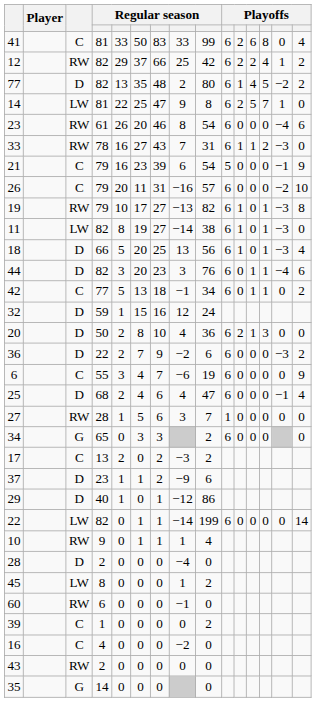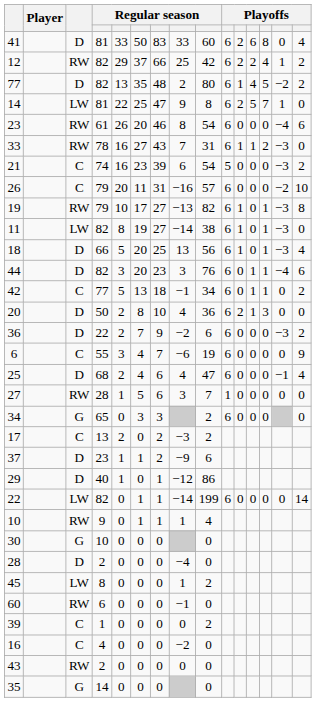 <table class="wikitable sortable plainrowheaders" style="text-align:center;">
 <tr>
 <th scope="col" data-sort-type="number" rowspan="2"></th>
 <th scope="col" rowspan="2">Player</th>
 <th scope="col" rowspan="2"></th>
 <th scope=colgroup colspan=6>Regular season</th>
 <th scope=colgroup colspan=6>Playoffs</th>
 </tr>
 <tr>
 <th scope="col" data-sort-type="number"></th>
 <th scope="col" data-sort-type="number"></th>
 <th scope="col" data-sort-type="number"></th>
 <th scope="col" data-sort-type="number"></th>
 <th scope="col" data-sort-type="number"></th>
 <th scope="col" data-sort-type="number"></th>
 <th scope="col" data-sort-type="number"></th>
 <th scope="col" data-sort-type="number"></th>
 <th scope="col" data-sort-type="number"></th>
 <th scope="col" data-sort-type="number"></th>
 <th scope="col" data-sort-type="number"></th>
 <th scope="col" data-sort-type="number"></th>
 </tr>
 <tr>
 <td scope="row">41</td>
 <td align="left"></td>
-<td>C</td>
+<td>D</td>
 <td>81</td>
 <td>33</td>
 <td>50</td>
 <td>83</td>
 <td>33</td>
-<td>99</td>
+<td>60</td>
 <td>6</td>
 <td>2</td>
 <td>6</td>
 <td>8</td>
 <td>0</td>
 <td>4</td>
 </tr>
 <tr>
 <td scope="row">12</td>
 <td align="left"></td>
 <td>RW</td>
 <td>82</td>
 <td>29</td>
 <td>37</td>
 <td>66</td>
 <td>25</td>
 <td>42</td>
 <td>6</td>
 <td>2</td>
 <td>2</td>
 <td>4</td>
 <td>1</td>
 <td>2</td>
 </tr>
 <tr>
 <td scope="row">77</td>
 <td align="left"></td>
 <td>D</td>
 <td>82</td>
 <td>13</td>
 <td>35</td>
 <td>48</td>
 <td>2</td>
 <td>80</td>
 <td>6</td>
 <td>1</td>
 <td>4</td>
 <td>5</td>
 <td>−2</td>
 <td>2</td>
 </tr>
 <tr>
 <td scope="row">14</td>
 <td align="left"></td>
 <td>LW</td>
 <td>81</td>
 <td>22</td>
 <td>25</td>
 <td>47</td>
 <td>9</td>
 <td>8</td>
 <td>6</td>
 <td>2</td>
 <td>5</td>
 <td>7</td>
 <td>1</td>
 <td>0</td>
 </tr>
 <tr>
 <td scope="row">23</td>
 <td align="left"></td>
 <td>RW</td>
 <td>61</td>
 <td>26</td>
 <td>20</td>
 <td>46</td>
 <td>8</td>
 <td>54</td>
 <td>6</td>
 <td>0</td>
 <td>0</td>
 <td>0</td>
 <td>−4</td>
 <td>6</td>
 </tr>
 <tr>
 <td scope="row">33</td>
 <td align="left"></td>
 <td>RW</td>
 <td>78</td>
 <td>16</td>
 <td>27</td>
 <td>43</td>
 <td>7</td>
 <td>31</td>
 <td>6</td>
 <td>1</td>
 <td>1</td>
 <td>2</td>
 <td>−3</td>
 <td>0</td>
 </tr>
 <tr>
 <td scope="row">21</td>
 <td align="left"></td>
 <td>C</td>
-<td>79</td>
+<td>74</td>
 <td>16</td>
 <td>23</td>
 <td>39</td>
 <td>6</td>
 <td>54</td>
 <td>5</td>
 <td>0</td>
 <td>0</td>
 <td>0</td>
-<td>−1</td>
-<td>9</td>
+<td>−3</td>
+<td>2</td>
 </tr>
 <tr>
 <td scope="row">26</td>
 <td align="left"></td>
 <td>C</td>
 <td>79</td>
 <td>20</td>
 <td>11</td>
 <td>31</td>
 <td>−16</td>
 <td>57</td>
 <td>6</td>
 <td>0</td>
 <td>0</td>
 <td>0</td>
 <td>−2</td>
 <td>10</td>
 </tr>
 <tr>
 <td scope="row">19</td>
 <td align="left"></td>
 <td>RW</td>
 <td>79</td>
 <td>10</td>
 <td>17</td>
 <td>27</td>
 <td>−13</td>
 <td>82</td>
 <td>6</td>
 <td>1</td>
 <td>0</td>
 <td>1</td>
 <td>−3</td>
 <td>8</td>
 </tr>
 <tr>
 <td scope="row">11</td>
 <td align="left"></td>
 <td>LW</td>
 <td>82</td>
 <td>8</td>
 <td>19</td>
 <td>27</td>
 <td>−14</td>
 <td>38</td>
 <td>6</td>
 <td>1</td>
 <td>0</td>
 <td>1</td>
 <td>−3</td>
 <td>0</td>
 </tr>
 <tr>
 <td scope="row">18</td>
 <td align="left"></td>
 <td>D</td>
 <td>66</td>
 <td>5</td>
 <td>20</td>
 <td>25</td>
 <td>13</td>
 <td>56</td>
 <td>6</td>
 <td>1</td>
 <td>0</td>
 <td>1</td>
 <td>−3</td>
 <td>4</td>
 </tr>
 <tr>
 <td scope="row">44</td>
 <td align="left"></td>
 <td>D</td>
 <td>82</td>
 <td>3</td>
 <td>20</td>
 <td>23</td>
 <td>3</td>
 <td>76</td>
 <td>6</td>
 <td>0</td>
 <td>1</td>
 <td>1</td>
 <td>−4</td>
 <td>6</td>
 </tr>
 <tr>
 <td scope="row">42</td>
 <td align="left"></td>
 <td>C</td>
 <td>77</td>
 <td>5</td>
 <td>13</td>
 <td>18</td>
 <td>−1</td>
 <td>34</td>
 <td>6</td>
 <td>0</td>
 <td>1</td>
 <td>1</td>
 <td>0</td>
 <td>2</td>
-</tr>
-<tr>
-<td scope="row">32</td>
-<td align="left"></td>
-<td>D</td>
-<td>59</td>
-<td>1</td>
-<td>15</td>
-<td>16</td>
-<td>12</td>
-<td>24</td>
-<td></td>
-<td></td>
-<td></td>
-<td></td>
-<td></td>
-<td></td>
 </tr>
 <tr>
 <td scope="row">20</td>
 <td align="left"></td>
 <td>D</td>
 <td>50</td>
 <td>2</td>
 <td>8</td>
 <td>10</td>
 <td>4</td>
 <td>36</td>
 <td>6</td>
 <td>2</td>
 <td>1</td>
 <td>3</td>
 <td>0</td>
 <td>0</td>
 </tr>
 <tr>
 <td scope="row">36</td>
 <td align="left"></td>
 <td>D</td>
 <td>22</td>
 <td>2</td>
 <td>7</td>
 <td>9</td>
 <td>−2</td>
 <td>6</td>
 <td>6</td>
 <td>0</td>
 <td>0</td>
 <td>0</td>
 <td>−3</td>
 <td>2</td>
 </tr>
 <tr>
 <td scope="row">6</td>
 <td align="left"></td>
 <td>C</td>
 <td>55</td>
 <td>3</td>
 <td>4</td>
 <td>7</td>
 <td>−6</td>
 <td>19</td>
 <td>6</td>
 <td>0</td>
 <td>0</td>
 <td>0</td>
 <td>0</td>
 <td>9</td>
 </tr>
 <tr>
 <td scope="row">25</td>
 <td align="left"></td>
 <td>D</td>
 <td>68</td>
 <td>2</td>
 <td>4</td>
 <td>6</td>
 <td>4</td>
 <td>47</td>
 <td>6</td>
 <td>0</td>
 <td>0</td>
 <td>0</td>
 <td>−1</td>
 <td>4</td>
 </tr>
 <tr>
 <td scope="row">27</td>
 <td align="left"></td>
 <td>RW</td>
 <td>28</td>
 <td>1</td>
 <td>5</td>
 <td>6</td>
 <td>3</td>
 <td>7</td>
 <td>1</td>
 <td>0</td>
 <td>0</td>
 <td>0</td>
 <td>0</td>
 <td>0</td>
 </tr>
 <tr>
 <td scope="row">34</td>
 <td align="left"></td>
 <td>G</td>
 <td>65</td>
 <td>0</td>
 <td>3</td>
 <td>3</td>
 <td style="background:#ccc"></td>
 <td>2</td>
 <td>6</td>
 <td>0</td>
 <td>0</td>
 <td>0</td>
 <td style="background:#ccc"></td>
 <td>0</td>
 </tr>
 <tr>
 <td scope="row">17</td>
 <td align="left"></td>
 <td>C</td>
 <td>13</td>
 <td>2</td>
 <td>0</td>
 <td>2</td>
 <td>−3</td>
 <td>2</td>
 <td></td>
 <td></td>
 <td></td>
 <td></td>
 <td></td>
 <td></td>
 </tr>
 <tr>
 <td scope="row">37</td>
 <td align="left"></td>
 <td>D</td>
 <td>23</td>
 <td>1</td>
 <td>1</td>
 <td>2</td>
 <td>−9</td>
 <td>6</td>
 <td></td>
 <td></td>
 <td></td>
 <td></td>
 <td></td>
 <td></td>
 </tr>
 <tr>
 <td scope="row">29</td>
 <td align="left"></td>
 <td>D</td>
 <td>40</td>
 <td>1</td>
 <td>0</td>
 <td>1</td>
 <td>−12</td>
 <td>86</td>
 <td></td>
 <td></td>
 <td></td>
 <td></td>
 <td></td>
 <td></td>
 </tr>
 <tr>
 <td scope="row">22</td>
 <td align="left"></td>
 <td>LW</td>
 <td>82</td>
 <td>0</td>
 <td>1</td>
 <td>1</td>
 <td>−14</td>
 <td>199</td>
 <td>6</td>
 <td>0</td>
 <td>0</td>
 <td>0</td>
 <td>0</td>
 <td>14</td>
 </tr>
 <tr>
 <td scope="row">10</td>
 <td align="left"></td>
 <td>RW</td>
 <td>9</td>
 <td>0</td>
 <td>1</td>
 <td>1</td>
 <td>1</td>
 <td>4</td>
 <td></td>
 <td></td>
 <td></td>
 <td></td>
 <td></td>
 <td></td>
 </tr>
 <tr>
+<td scope="row">30</td>
+<td align="left"></td>
+<td>G</td>
+<td>10</td>
+<td>0</td>
+<td>0</td>
+<td>0</td>
+<td style="background:#ccc"></td>
+<td>0</td>
+<td></td>
+<td></td>
+<td></td>
+<td></td>
+<td></td>
+<td></td>
+</tr>
+<tr>
 <td scope="row">28</td>
 <td align="left"></td>
 <td>D</td>
 <td>2</td>
 <td>0</td>
 <td>0</td>
 <td>0</td>
 <td>−4</td>
 <td>0</td>
 <td></td>
 <td></td>
 <td></td>
 <td></td>
 <td></td>
 <td></td>
 </tr>
 <tr>
 <td scope="row">45</td>
 <td align="left"></td>
 <td>LW</td>
 <td>8</td>
 <td>0</td>
 <td>0</td>
 <td>0</td>
 <td>1</td>
 <td>2</td>
 <td></td>
 <td></td>
 <td></td>
 <td></td>
 <td></td>
 <td></td>
 </tr>
 <tr>
 <td scope="row">60</td>
 <td align="left"></td>
 <td>RW</td>
 <td>6</td>
 <td>0</td>
 <td>0</td>
 <td>0</td>
 <td>−1</td>
 <td>0</td>
 <td></td>
 <td></td>
 <td></td>
 <td></td>
 <td></td>
 <td></td>
 </tr>
 <tr>
 <td scope="row">39</td>
 <td align="left"></td>
 <td>C</td>
 <td>1</td>
 <td>0</td>
 <td>0</td>
 <td>0</td>
 <td>0</td>
 <td>2</td>
 <td></td>
 <td></td>
 <td></td>
 <td></td>
 <td></td>
 <td></td>
 </tr>
 <tr>
 <td scope="row">16</td>
 <td align="left"></td>
 <td>C</td>
 <td>4</td>
 <td>0</td>
 <td>0</td>
 <td>0</td>
 <td>−2</td>
 <td>0</td>
 <td></td>
 <td></td>
 <td></td>
 <td></td>
 <td></td>
 <td></td>
 </tr>
 <tr>
 <td scope="row">43</td>
 <td align="left"></td>
 <td>RW</td>
 <td>2</td>
 <td>0</td>
 <td>0</td>
 <td>0</td>
 <td>0</td>
 <td>0</td>
 <td></td>
 <td></td>
 <td></td>
 <td></td>
 <td></td>
 <td></td>
 </tr>
 <tr>
 <td scope="row">35</td>
 <td align="left"></td>
 <td>G</td>
 <td>14</td>
 <td>0</td>
 <td>0</td>
 <td>0</td>
 <td style="background:#ccc"></td>
 <td>0</td>
 <td></td>
 <td></td>
 <td></td>
 <td></td>
 <td></td>
 <td></td>
 </tr>
 </table>
